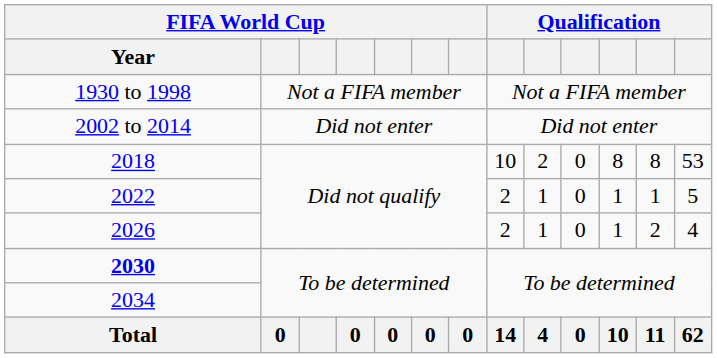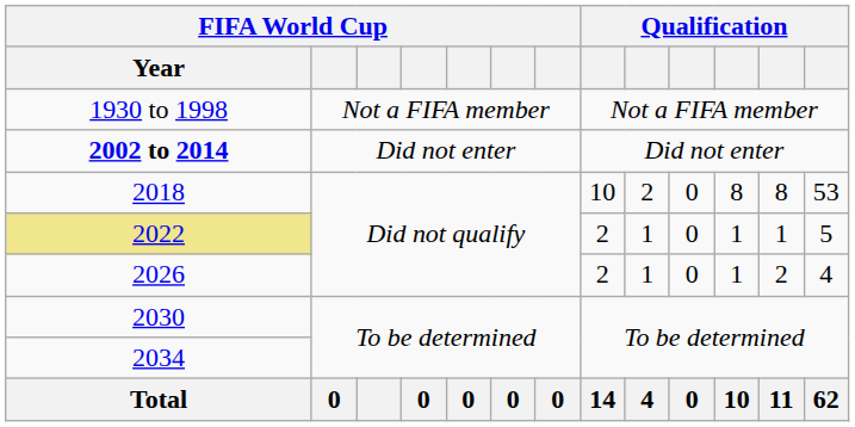 <table class="wikitable" style="text-align: center;">
 <tr>
 <th colspan=7><a href='#'>FIFA World Cup</a></th>
 <th colspan=6><a href='#'>Qualification</a></th>
 </tr>
 <tr>
 <th width=180>Year</th>
 <th width=20></th>
 <th width=20></th>
 <th width=20></th>
 <th width=20></th>
 <th width=20></th>
 <th width=20></th>
 <th width=20></th>
 <th width=20></th>
 <th width=20></th>
 <th width=20></th>
 <th width=20></th>
 <th width=20></th>
 </tr>
 <tr>
 <td> <a href='#'>1930</a> to  <a href='#'>1998</a></td>
 <td colspan="6"><em>Not a FIFA member</em></td>
 <td colspan="6"><em>Not a FIFA member</em></td>
 </tr>
 <tr>
-<td>  <a href='#'>2002</a> to  <a href='#'>2014</a></td>
+<td><strong>  <a href='#'>2002</a> to  <a href='#'>2014</a></strong></td>
 <td colspan="6"><em>Did not enter</em></td>
 <td colspan="6"><em>Did not enter</em></td>
 </tr>
 <tr>
 <td> <a href='#'>2018</a></td>
 <td textalign="centre"; colspan="6" rowspan=3><em>Did not qualify</em></td>
 <td>10</td>
 <td>2</td>
 <td>0</td>
 <td>8</td>
 <td>8</td>
 <td>53</td>
 </tr>
 <tr>
-<td> <a href='#'>2022</a></td>
+<td style="background: khaki;"> <a href='#'>2022</a></td>
 <td>2</td>
 <td>1</td>
 <td>0</td>
 <td>1</td>
 <td>1</td>
 <td>5</td>
 </tr>
 <tr>
 <td>   <a href='#'>2026</a></td>
 <td>2</td>
 <td>1</td>
 <td>0</td>
 <td>1</td>
 <td>2</td>
 <td>4</td>
 </tr>
 <tr>
-<td><strong>   <a href='#'>2030</a></strong></td>
+<td>   <a href='#'>2030</a></td>
 <td colspan=6 rowspan=2><em>To be determined</em></td>
 <td colspan=6 rowspan=2><em>To be determined</em></td>
 </tr>
 <tr>
 <td> <a href='#'>2034</a></td>
 </tr>
 <tr>
 <th>Total</th>
 <th>0</th>
 <th></th>
 <th>0</th>
 <th>0</th>
 <th>0</th>
 <th>0</th>
 <th>14</th>
 <th>4</th>
 <th>0</th>
 <th>10</th>
 <th>11</th>
 <th>62</th>
 </tr>
 </table>
